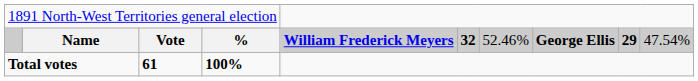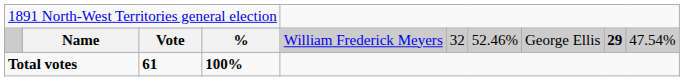 <table class="wikitable">
 <tr>
 <td colspan=4 align=center><a href='#'>1891 North-West Territories general election</a></td>
 </tr>
 <tr bgcolor="CCCCCC">
 <td></td>
 <th>Name</th>
 <th>Vote</th>
 <th>%<br></th>
-<td><strong><a href='#'>William Frederick Meyers</a></strong></td>
-<td><strong>32</strong></td>
+<td><a href='#'>William Frederick Meyers</a></td>
+<td>32</td>
 <td>52.46%<br></td>
-<td><strong>George Ellis</strong></td>
+<td>George Ellis</td>
 <td><strong>29</strong></td>
 <td>47.54%</td>
 </tr>
 <tr>
 <td colspan=2><strong>Total votes</strong></td>
 <td><strong>61</strong></td>
 <td alignment="left"><strong>100%</strong></td>
 </tr>
 </table>
